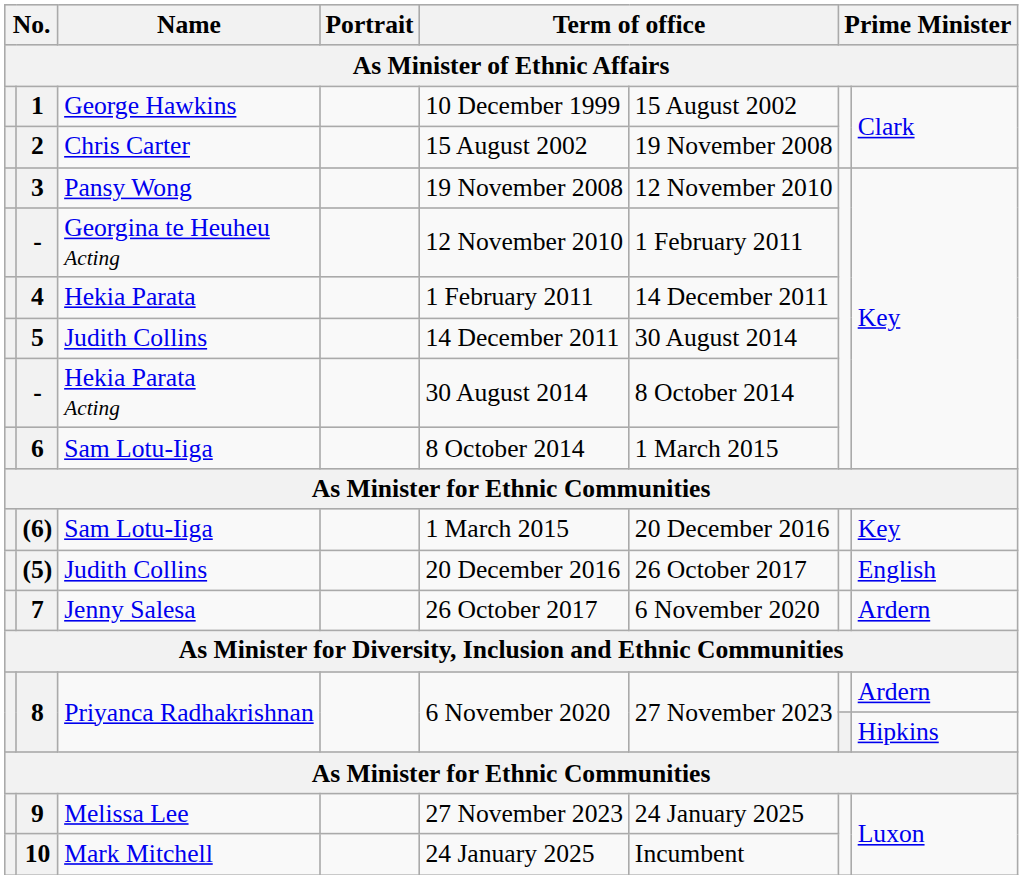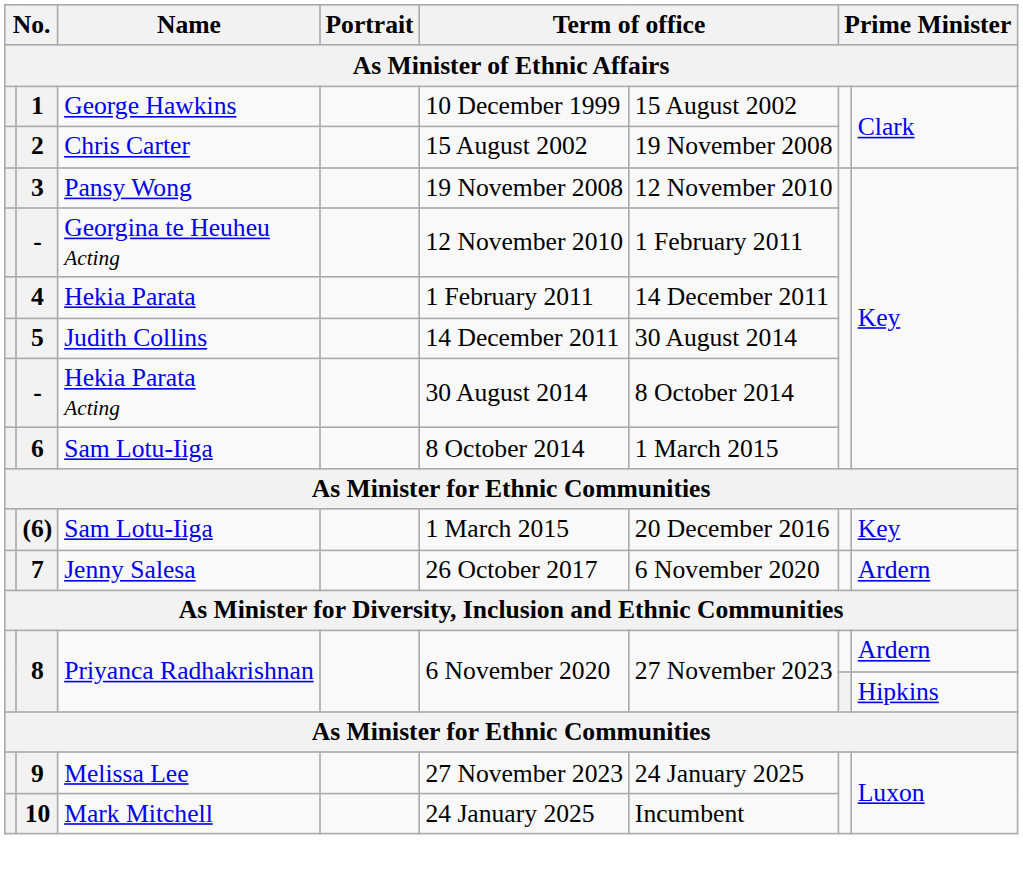 <table class="wikitable">
 <tr>
 <th colspan="2">No.</th>
 <th>Name</th>
 <th>Portrait</th>
 <th colspan="2">Term of office</th>
 <th colspan="2">Prime Minister</th>
 </tr>
 <tr>
 <th colspan="8">As Minister of Ethnic Affairs</th>
 </tr>
 <tr>
 <th style="color:inherit;background:"></th>
 <th>1</th>
 <td><a href='#'>George Hawkins</a></td>
 <td></td>
 <td>10 December 1999</td>
 <td>15 August 2002</td>
 <td rowspan="2" width="1" style="color:inherit;background:"></td>
 <td rowspan="2"><a href='#'>Clark</a></td>
 </tr>
 <tr>
 <th style="color:inherit;background:"></th>
 <th>2</th>
 <td><a href='#'>Chris Carter</a></td>
 <td></td>
 <td>15 August 2002</td>
 <td>19 November 2008</td>
 </tr>
 <tr>
 <th style="color:inherit;background:"></th>
 <th>3</th>
 <td><a href='#'>Pansy Wong</a></td>
 <td></td>
 <td>19 November 2008</td>
 <td>12 November 2010</td>
 <td rowspan="6" width="1" style="color:inherit;background:"></td>
 <td rowspan="6"><a href='#'>Key</a></td>
 </tr>
 <tr>
 <th style="color:inherit;background:"></th>
 <th>-</th>
 <td><a href='#'>Georgina te Heuheu</a><br><small><em>Acting</em></small></td>
 <td></td>
 <td>12 November 2010</td>
 <td>1 February 2011</td>
 </tr>
 <tr>
 <th style="color:inherit;background:"></th>
 <th>4</th>
 <td><a href='#'>Hekia Parata</a></td>
 <td></td>
 <td>1 February 2011</td>
 <td>14 December 2011</td>
 </tr>
 <tr>
 <th style="color:inherit;background:"></th>
 <th>5</th>
 <td><a href='#'>Judith Collins</a></td>
 <td></td>
 <td>14 December 2011</td>
 <td>30 August 2014</td>
 </tr>
 <tr>
 <th style="color:inherit;background:"></th>
 <th>-</th>
 <td><a href='#'>Hekia Parata</a><br><small><em>Acting</em></small></td>
 <td></td>
 <td>30 August 2014</td>
 <td>8 October 2014</td>
 </tr>
 <tr>
 <th style="color:inherit;background:"></th>
 <th>6</th>
 <td><a href='#'>Sam Lotu-Iiga</a></td>
 <td></td>
 <td>8 October 2014</td>
 <td>1 March 2015</td>
 </tr>
 <tr>
 <th colspan="8">As Minister for Ethnic Communities</th>
 </tr>
 <tr>
 <th style="color:inherit;background:"></th>
 <th>(6)</th>
 <td><a href='#'>Sam Lotu-Iiga</a></td>
 <td></td>
 <td>1 March 2015</td>
 <td>20 December 2016</td>
 <td rowspan="1" width="1" style="color:inherit;background:"></td>
 <td><a href='#'>Key</a></td>
 </tr>
 <tr>
 <th style="color:inherit;background:"></th>
-<th>(5)</th>
-<td><a href='#'>Judith Collins</a></td>
-<td></td>
-<td>20 December 2016</td>
-<td>26 October 2017</td>
-<td rowspan="1" width="1" style="color:inherit;background:"></td>
-<td><a href='#'>English</a></td>
-</tr>
-<tr>
-<th style="color:inherit;background:"></th>
 <th>7</th>
 <td><a href='#'>Jenny Salesa</a></td>
 <td></td>
 <td>26 October 2017</td>
 <td>6 November 2020</td>
 <td rowspan="1" width="1" style="color:inherit;background:"></td>
 <td><a href='#'>Ardern</a></td>
 </tr>
 <tr>
 <th colspan="8">As Minister for Diversity, Inclusion and Ethnic Communities</th>
 </tr>
 <tr>
 <th rowspan="2" style="color:inherit;background:"></th>
 <th rowspan="2">8</th>
 <td rowspan="2"><a href='#'>Priyanca Radhakrishnan</a></td>
 <td rowspan="2"></td>
 <td rowspan="2">6 November 2020</td>
 <td rowspan="2">27 November 2023</td>
 <td rowspan="1" width="1" style="color:inherit;background:"></td>
 <td><a href='#'>Ardern</a></td>
 </tr>
 <tr>
 <th rowspan="1" width="1" style="color:inherit;background:"></th>
 <td><a href='#'>Hipkins</a></td>
 </tr>
 <tr>
 <th colspan="8">As Minister for Ethnic Communities</th>
 </tr>
 <tr>
 <th style="color:inherit;background:"></th>
 <th>9</th>
 <td><a href='#'>Melissa Lee</a></td>
 <td></td>
 <td>27 November 2023</td>
 <td>24 January 2025</td>
 <td rowspan="2" width="1" style="color:inherit;background:"></td>
 <td rowspan="2"><a href='#'>Luxon</a></td>
 </tr>
 <tr>
 <th style="color:inherit;background:"></th>
 <th>10</th>
 <td><a href='#'>Mark Mitchell</a></td>
 <td></td>
 <td>24 January 2025</td>
 <td>Incumbent</td>
 </tr>
 </table>
